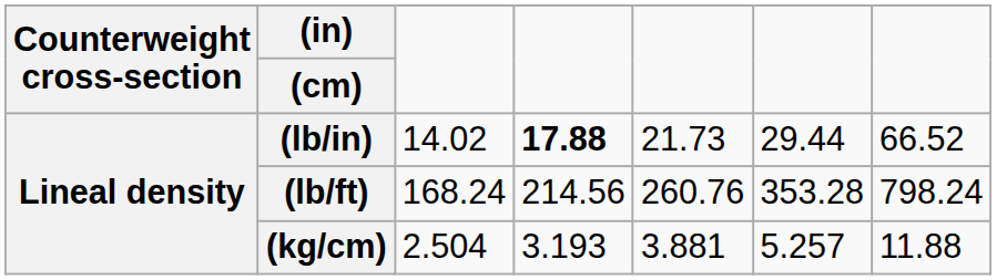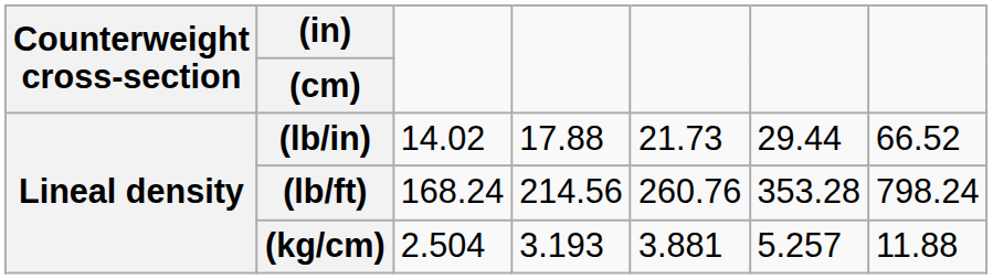 <table class="wikitable">
 <tr>
 <th scope="row" rowspan=2>Counterweight <br>cross-section</th>
 <th scope="row">(in)</th>
 <td rowspan =2></td>
 <td rowspan =2></td>
 <td rowspan =2></td>
 <td rowspan =2></td>
 <td rowspan =2></td>
 </tr>
 <tr>
 <th scope="row">(cm)</th>
 </tr>
 <tr>
 <th scope="row" rowspan=3>Lineal density</th>
 <th scope="row">(lb/in)</th>
 <td>14.02</td>
-<td><strong>17.88</strong></td>
+<td>17.88</td>
 <td>21.73</td>
 <td>29.44</td>
 <td>66.52</td>
 </tr>
 <tr>
 <th scope="row">(lb/ft)</th>
 <td>168.24</td>
 <td>214.56</td>
 <td>260.76</td>
 <td>353.28</td>
 <td>798.24</td>
 </tr>
 <tr>
 <th scope="row">(kg/cm)</th>
 <td>2.504</td>
 <td>3.193</td>
 <td>3.881</td>
 <td>5.257</td>
 <td>11.88</td>
 </tr>
 </table>
